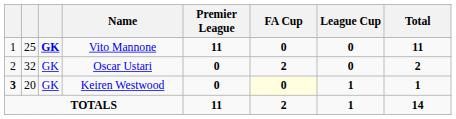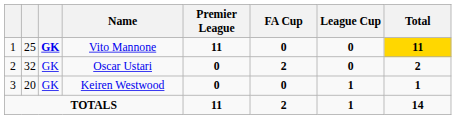 <table class="wikitable sortable" style="font-size: 95%; text-align: center;">
 <tr>
 <th width=15></th>
 <th width=15></th>
 <th width=15></th>
 <th width=150>Name</th>
 <th width=80>Premier League</th>
 <th width=80>FA Cup</th>
 <th width=80>League Cup</th>
 <th width=80>Total</th>
 </tr>
 <tr>
 <td rowspan=1>1</td>
 <td>25</td>
 <td><strong><a href='#'>GK</a></strong></td>
 <td><a href='#'>Vito Mannone</a></td>
 <td><strong>11</strong></td>
 <td><strong>0</strong></td>
 <td><strong>0</strong></td>
-<td><strong>11</strong></td>
+<td style="background: gold;"><strong>11</strong></td>
 </tr>
 <tr>
 <td rowspan=1>2</td>
 <td>32</td>
 <td><a href='#'>GK</a></td>
 <td><a href='#'>Oscar Ustari</a></td>
 <td><strong>0</strong></td>
 <td><strong>2</strong></td>
 <td><strong>0</strong></td>
 <td><strong>2</strong></td>
 </tr>
 <tr>
-<td rowspan=1><strong>3</strong></td>
+<td rowspan=1>3</td>
 <td>20</td>
 <td><a href='#'>GK</a></td>
 <td><a href='#'>Keiren Westwood</a></td>
 <td><strong>0</strong></td>
-<td style="background: lightyellow;"><strong>0</strong></td>
+<td><strong>0</strong></td>
 <td><strong>1</strong></td>
 <td><strong>1</strong></td>
 </tr>
 <tr>
 <td colspan="4"><strong>TOTALS</strong></td>
 <td><strong>11</strong></td>
 <td><strong>2</strong></td>
 <td><strong>1</strong></td>
 <td><strong>14</strong></td>
 </tr>
 </table>
